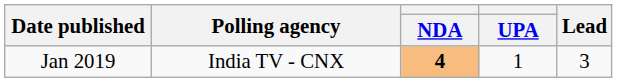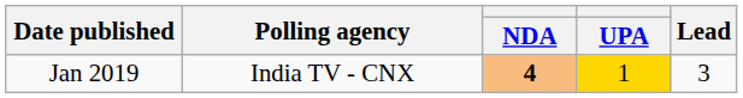 <table class="wikitable sortable" style="text-align:center;font-size:95%;line-height:16px">
 <tr>
 <th rowspan="2" width="100px">Date published</th>
 <th rowspan="2" width="175px">Polling agency</th>
 <th style="background:"></th>
 <th style="background:"></th>
 <th rowspan="2">Lead</th>
 </tr>
 <tr>
 <th width="50px" class="unsortable"><a href='#'>NDA</a></th>
 <th width="50px" class="unsortable"><a href='#'>UPA</a></th>
 </tr>
 <tr>
 <td>Jan 2019</td>
 <td>India TV - CNX</td>
 <td style="background:#F9BC7F"><strong>4</strong></td>
-<td>1</td>
+<td style="background: gold;">1</td>
 <td style="background:">3</td>
 </tr>
 </table>
